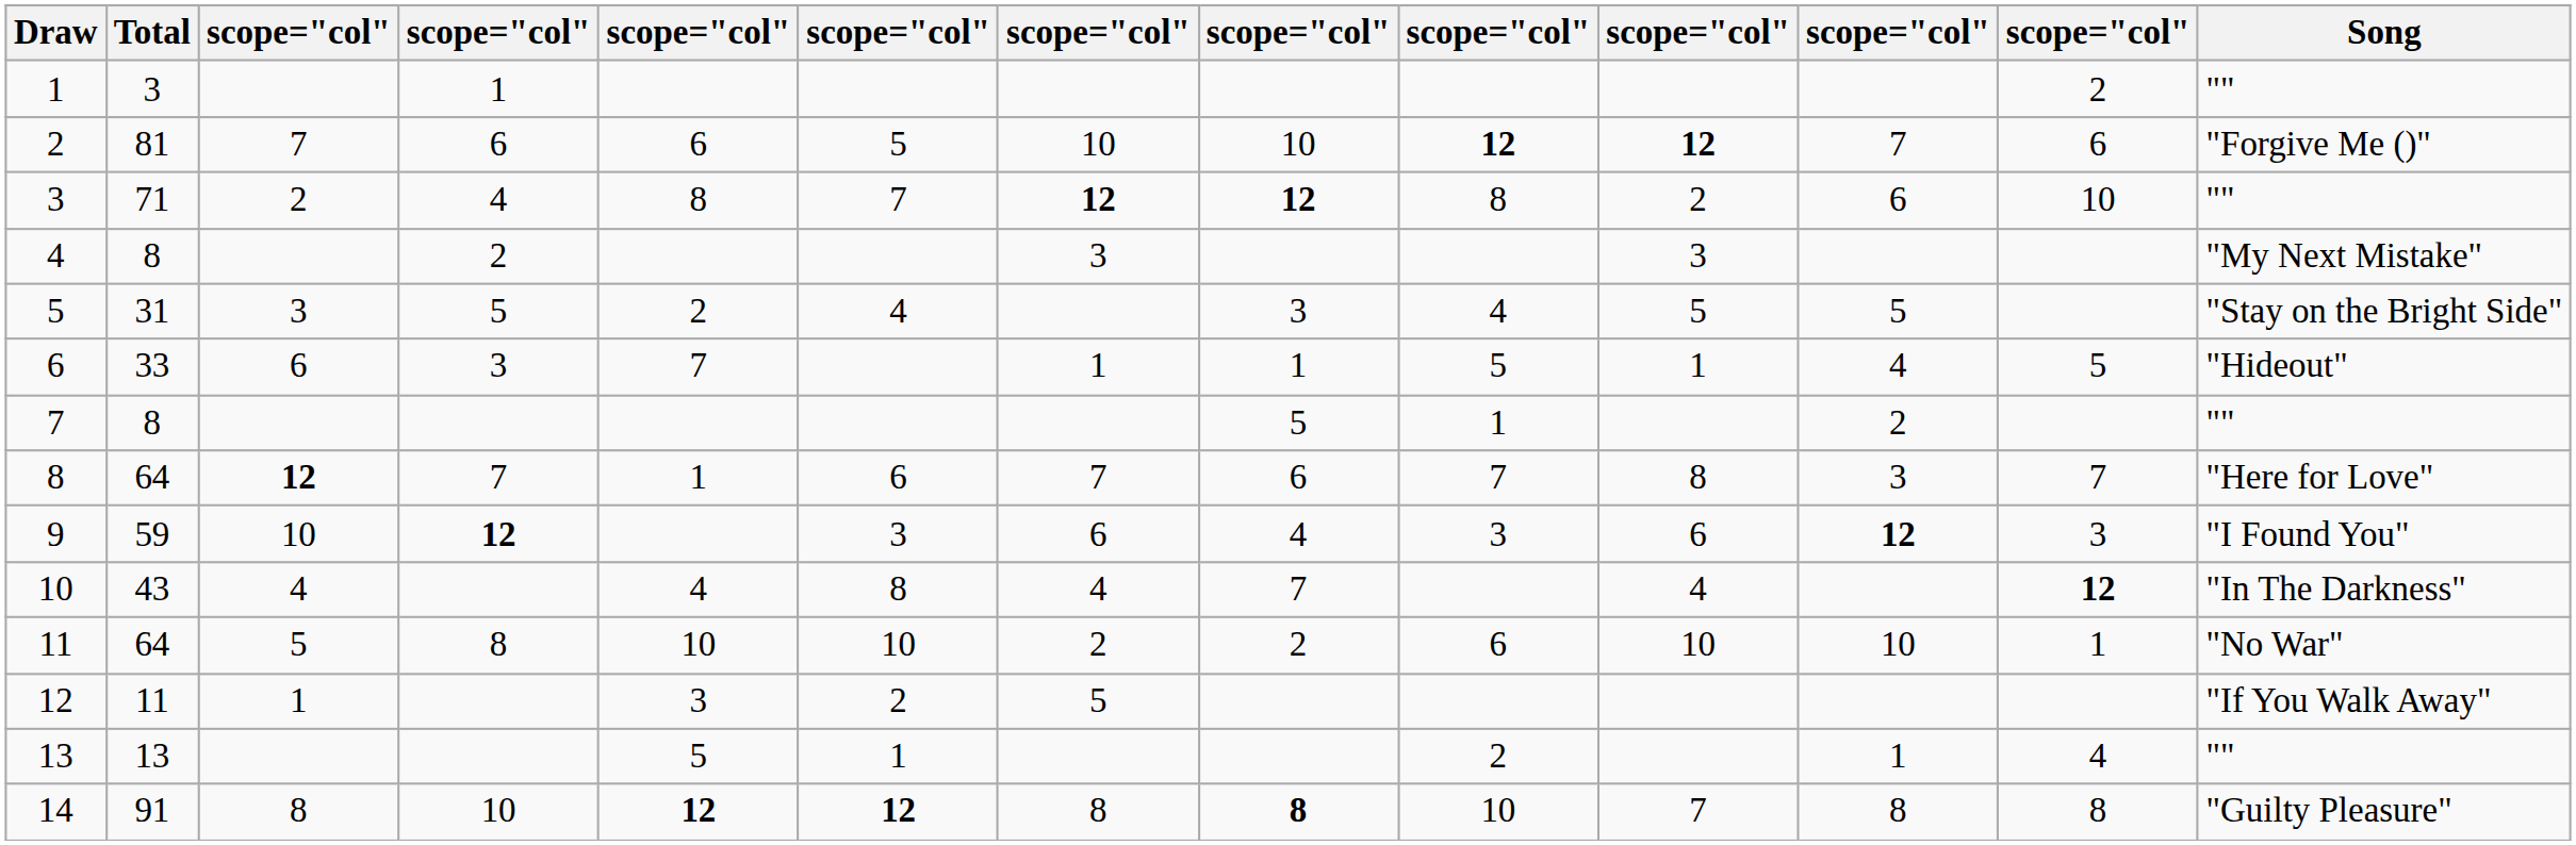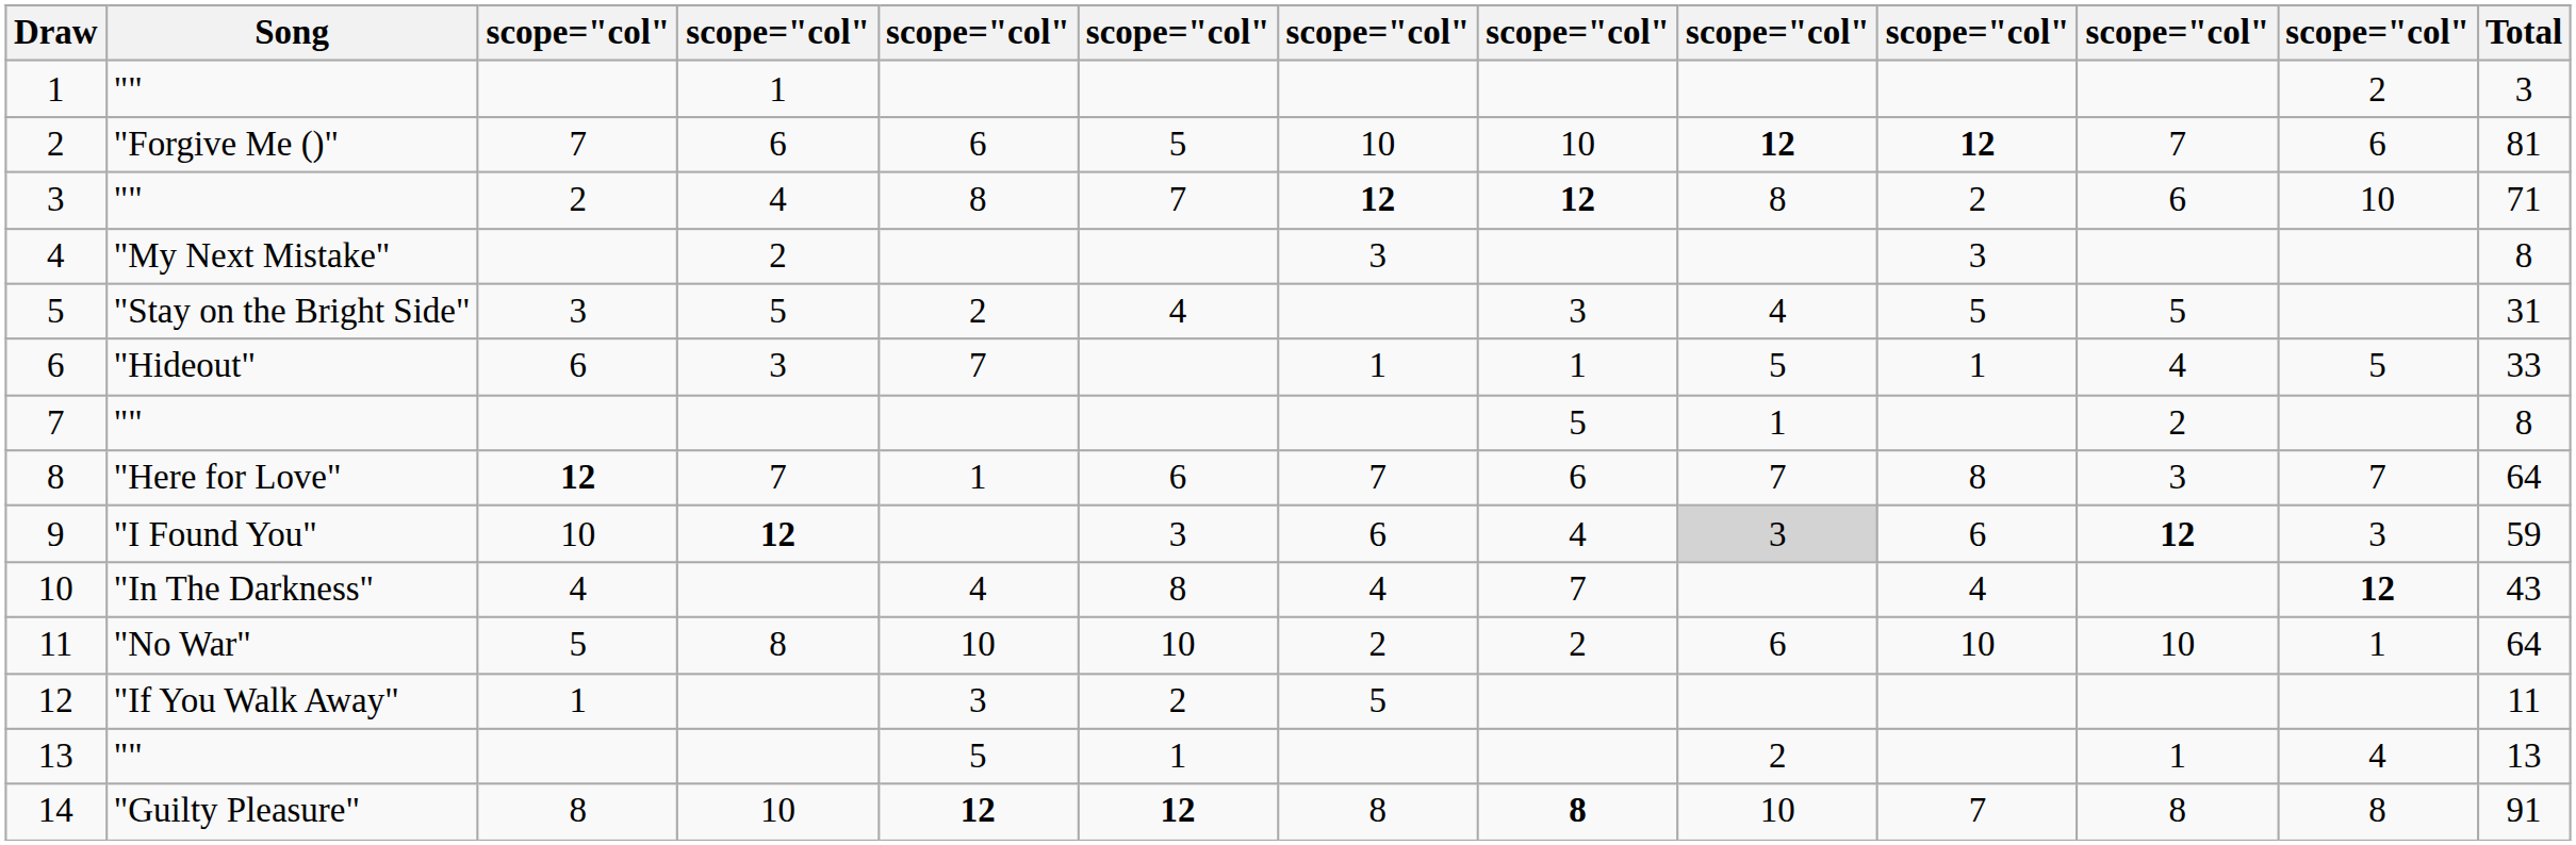 <table class="wikitable collapsible" style="margin: 1em auto 1em auto; text-align:center;">
 <tr>
 <th>Draw</th>
-<th>Total</th>
+<th>Song</th>
 <th>scope="col" </th>
 <th>scope="col" </th>
 <th>scope="col" </th>
 <th>scope="col" </th>
 <th>scope="col" </th>
 <th>scope="col" </th>
 <th>scope="col" </th>
 <th>scope="col" </th>
 <th>scope="col" </th>
 <th>scope="col" </th>
-<th>Song</th>
+<th>Total</th>
 </tr>
 <tr>
 <td>1</td>
-<td>3</td>
+<td align="left">""</td>
 <td></td>
 <td>1</td>
 <td></td>
 <td></td>
 <td></td>
 <td></td>
 <td></td>
 <td></td>
 <td></td>
 <td>2</td>
-<td align="left">""</td>
+<td>3</td>
 </tr>
 <tr>
 <td>2</td>
-<td>81</td>
+<td align="left">"Forgive Me ()"</td>
 <td>7</td>
 <td>6</td>
 <td>6</td>
 <td>5</td>
 <td>10</td>
 <td>10</td>
 <td><strong>12</strong></td>
 <td><strong>12</strong></td>
 <td>7</td>
 <td>6</td>
-<td align="left">"Forgive Me ()"</td>
+<td>81</td>
 </tr>
 <tr>
 <td>3</td>
-<td>71</td>
+<td align="left">""</td>
 <td>2</td>
 <td>4</td>
 <td>8</td>
 <td>7</td>
 <td><strong>12</strong></td>
 <td><strong>12</strong></td>
 <td>8</td>
 <td>2</td>
 <td>6</td>
 <td>10</td>
-<td align="left">""</td>
+<td>71</td>
 </tr>
 <tr>
 <td>4</td>
-<td>8</td>
+<td align="left">"My Next Mistake"</td>
 <td></td>
 <td>2</td>
 <td></td>
 <td></td>
 <td>3</td>
 <td></td>
 <td></td>
 <td>3</td>
 <td></td>
 <td></td>
-<td align="left">"My Next Mistake"</td>
+<td>8</td>
 </tr>
 <tr>
 <td>5</td>
-<td>31</td>
+<td align="left">"Stay on the Bright Side"</td>
 <td>3</td>
 <td>5</td>
 <td>2</td>
 <td>4</td>
 <td></td>
 <td>3</td>
 <td>4</td>
 <td>5</td>
 <td>5</td>
 <td></td>
-<td align="left">"Stay on the Bright Side"</td>
+<td>31</td>
 </tr>
 <tr>
 <td>6</td>
-<td>33</td>
+<td align="left">"Hideout"</td>
 <td>6</td>
 <td>3</td>
 <td>7</td>
 <td></td>
 <td>1</td>
 <td>1</td>
 <td>5</td>
 <td>1</td>
 <td>4</td>
 <td>5</td>
-<td align="left">"Hideout"</td>
+<td>33</td>
 </tr>
 <tr>
 <td>7</td>
-<td>8</td>
+<td align="left">""</td>
 <td></td>
 <td></td>
 <td></td>
 <td></td>
 <td></td>
 <td>5</td>
 <td>1</td>
 <td></td>
 <td>2</td>
 <td></td>
-<td align="left">""</td>
+<td>8</td>
 </tr>
 <tr>
 <td>8</td>
-<td>64</td>
+<td align="left">"Here for Love"</td>
 <td><strong>12</strong></td>
 <td>7</td>
 <td>1</td>
 <td>6</td>
 <td>7</td>
 <td>6</td>
 <td>7</td>
 <td>8</td>
 <td>3</td>
 <td>7</td>
-<td align="left">"Here for Love"</td>
+<td>64</td>
 </tr>
 <tr>
 <td>9</td>
-<td>59</td>
+<td align="left">"I Found You"</td>
 <td>10</td>
 <td><strong>12</strong></td>
 <td></td>
 <td>3</td>
 <td>6</td>
 <td>4</td>
-<td>3</td>
+<td style="background: lightgrey;">3</td>
 <td>6</td>
 <td><strong>12</strong></td>
 <td>3</td>
-<td align="left">"I Found You"</td>
+<td>59</td>
 </tr>
 <tr>
 <td>10</td>
-<td>43</td>
+<td align="left">"In The Darkness"</td>
 <td>4</td>
 <td></td>
 <td>4</td>
 <td>8</td>
 <td>4</td>
 <td>7</td>
 <td></td>
 <td>4</td>
 <td></td>
 <td><strong>12</strong></td>
-<td align="left">"In The Darkness"</td>
+<td>43</td>
 </tr>
 <tr>
 <td>11</td>
-<td>64</td>
+<td align="left">"No War"</td>
 <td>5</td>
 <td>8</td>
 <td>10</td>
 <td>10</td>
 <td>2</td>
 <td>2</td>
 <td>6</td>
 <td>10</td>
 <td>10</td>
 <td>1</td>
-<td align="left">"No War"</td>
+<td>64</td>
 </tr>
 <tr>
 <td>12</td>
-<td>11</td>
+<td align="left">"If You Walk Away"</td>
 <td>1</td>
 <td></td>
 <td>3</td>
 <td>2</td>
 <td>5</td>
 <td></td>
 <td></td>
 <td></td>
 <td></td>
 <td></td>
-<td align="left">"If You Walk Away"</td>
+<td>11</td>
 </tr>
 <tr>
 <td>13</td>
-<td>13</td>
+<td align="left">""</td>
 <td></td>
 <td></td>
 <td>5</td>
 <td>1</td>
 <td></td>
 <td></td>
 <td>2</td>
 <td></td>
 <td>1</td>
 <td>4</td>
-<td align="left">""</td>
+<td>13</td>
 </tr>
 <tr>
 <td>14</td>
-<td>91</td>
+<td align="left">"Guilty Pleasure"</td>
 <td>8</td>
 <td>10</td>
 <td><strong>12</strong></td>
 <td><strong>12</strong></td>
 <td>8</td>
 <td><strong>8</strong></td>
 <td>10</td>
 <td>7</td>
 <td>8</td>
 <td>8</td>
-<td align="left">"Guilty Pleasure"</td>
+<td>91</td>
 </tr>
 </table>
